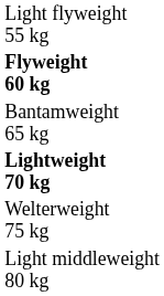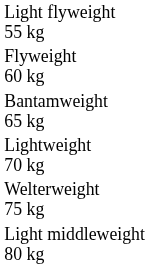 <table>
 <tr>
 <td>Light flyweight <br> 55 kg</td>
 <td></td>
 <td></td>
 <td nowrap></td>
 </tr>
 <tr>
-<td><strong>Flyweight <br> 60 kg</strong></td>
+<td>Flyweight <br> 60 kg</td>
 <td></td>
 <td nowrap></td>
 <td></td>
 </tr>
 <tr>
 <td>Bantamweight <br> 65 kg</td>
 <td></td>
 <td></td>
 <td></td>
 </tr>
 <tr>
-<td><strong>Lightweight <br> 70 kg</strong></td>
+<td>Lightweight <br> 70 kg</td>
 <td nowrap></td>
 <td></td>
 <td></td>
 </tr>
 <tr>
 <td>Welterweight <br> 75 kg</td>
 <td></td>
 <td></td>
 <td></td>
 </tr>
 <tr>
 <td>Light middleweight <br> 80 kg</td>
 <td></td>
 <td></td>
 <td></td>
 </tr>
 </table>
